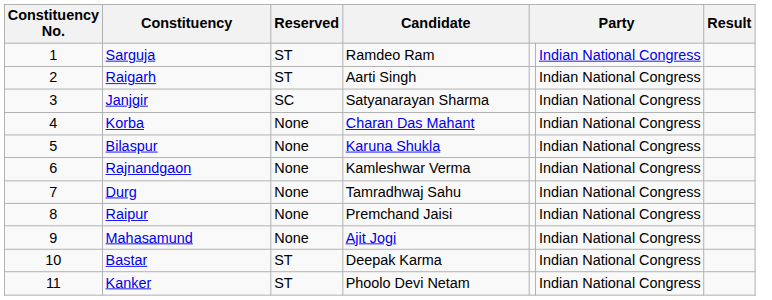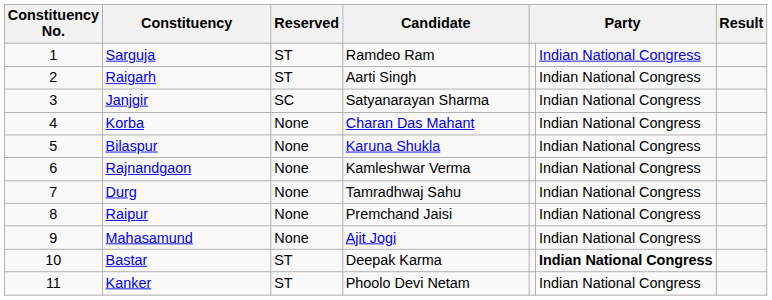 <table class= "wikitable sortable" style="text-align: left;">
 <tr>
 <th>Constituency <br> No.</th>
 <th style="width:180px;">Constituency</th>
 <th>Reserved</th>
 <th style="width:200px;">Candidate</th>
 <th colspan=2>Party</th>
 <th>Result</th>
 </tr>
 <tr>
 <td align="center">1</td>
 <td><a href='#'>Sarguja</a></td>
 <td>ST</td>
 <td>Ramdeo Ram</td>
 <td bgcolor=></td>
 <td><a href='#'>Indian National Congress</a></td>
 <td></td>
 </tr>
 <tr>
 <td align="center">2</td>
 <td><a href='#'>Raigarh</a></td>
 <td>ST</td>
 <td>Aarti Singh</td>
 <td bgcolor=></td>
 <td>Indian National Congress</td>
 <td></td>
 </tr>
 <tr>
 <td align="center">3</td>
 <td><a href='#'>Janjgir</a></td>
 <td>SC</td>
 <td>Satyanarayan Sharma</td>
 <td bgcolor=></td>
 <td>Indian National Congress</td>
 <td></td>
 </tr>
 <tr>
 <td align="center">4</td>
 <td><a href='#'>Korba</a></td>
 <td>None</td>
 <td><a href='#'>Charan Das Mahant</a></td>
 <td bgcolor=></td>
 <td>Indian National Congress</td>
 <td></td>
 </tr>
 <tr>
 <td align="center">5</td>
 <td><a href='#'>Bilaspur</a></td>
 <td>None</td>
 <td><a href='#'>Karuna Shukla</a></td>
 <td bgcolor=></td>
 <td>Indian National Congress</td>
 <td></td>
 </tr>
 <tr>
 <td align="center">6</td>
 <td><a href='#'>Rajnandgaon</a></td>
 <td>None</td>
 <td>Kamleshwar Verma</td>
 <td bgcolor=></td>
 <td>Indian National Congress</td>
 <td></td>
 </tr>
 <tr>
 <td align="center">7</td>
 <td><a href='#'>Durg</a></td>
 <td>None</td>
 <td>Tamradhwaj Sahu</td>
 <td bgcolor=></td>
 <td>Indian National Congress</td>
 <td></td>
 </tr>
 <tr>
 <td align="center">8</td>
 <td><a href='#'>Raipur</a></td>
 <td>None</td>
 <td>Premchand Jaisi</td>
 <td bgcolor=></td>
 <td>Indian National Congress</td>
 <td></td>
 </tr>
 <tr>
 <td align="center">9</td>
 <td><a href='#'>Mahasamund</a></td>
 <td>None</td>
 <td><a href='#'>Ajit Jogi</a></td>
 <td bgcolor=></td>
 <td>Indian National Congress</td>
 <td></td>
 </tr>
 <tr>
 <td align="center">10</td>
 <td><a href='#'>Bastar</a></td>
 <td>ST</td>
 <td>Deepak Karma</td>
 <td bgcolor=></td>
-<td>Indian National Congress</td>
+<td><strong>Indian National Congress</strong></td>
 <td></td>
 </tr>
 <tr>
 <td align="center">11</td>
 <td><a href='#'>Kanker</a></td>
 <td>ST</td>
 <td>Phoolo Devi Netam</td>
 <td bgcolor=></td>
 <td>Indian National Congress</td>
 <td></td>
 </tr>
 </table>
